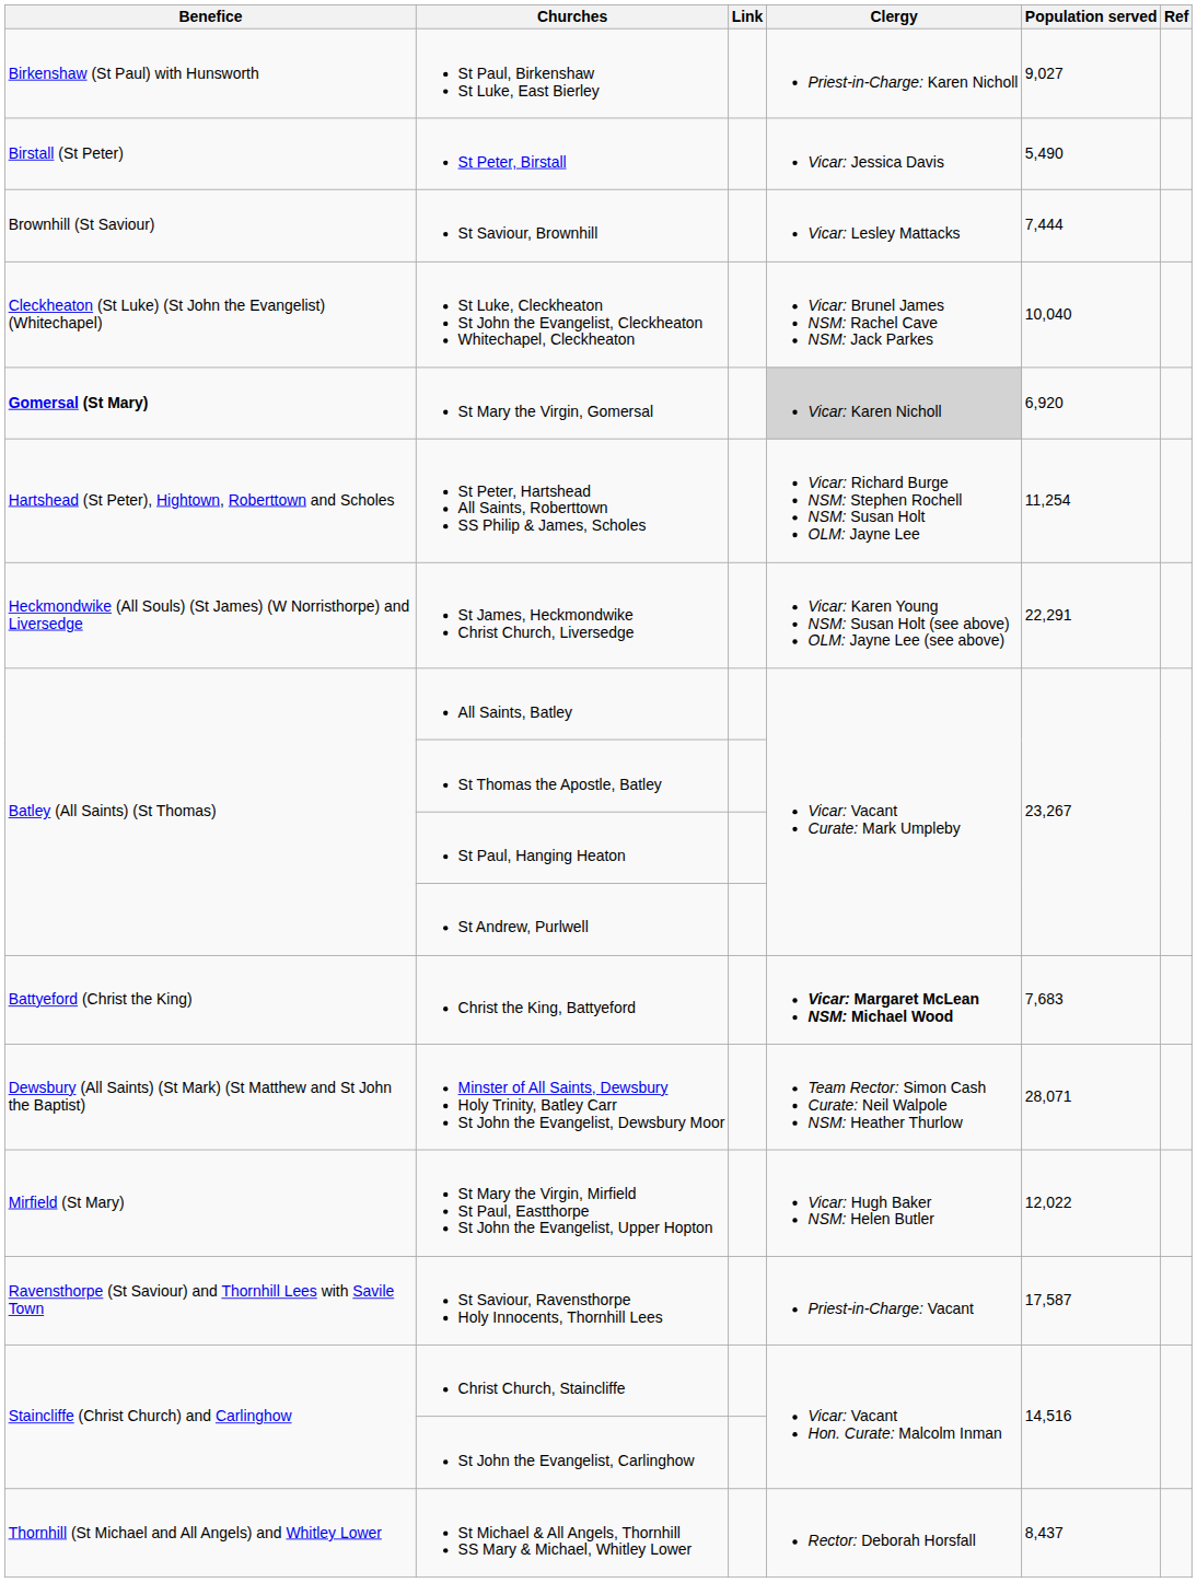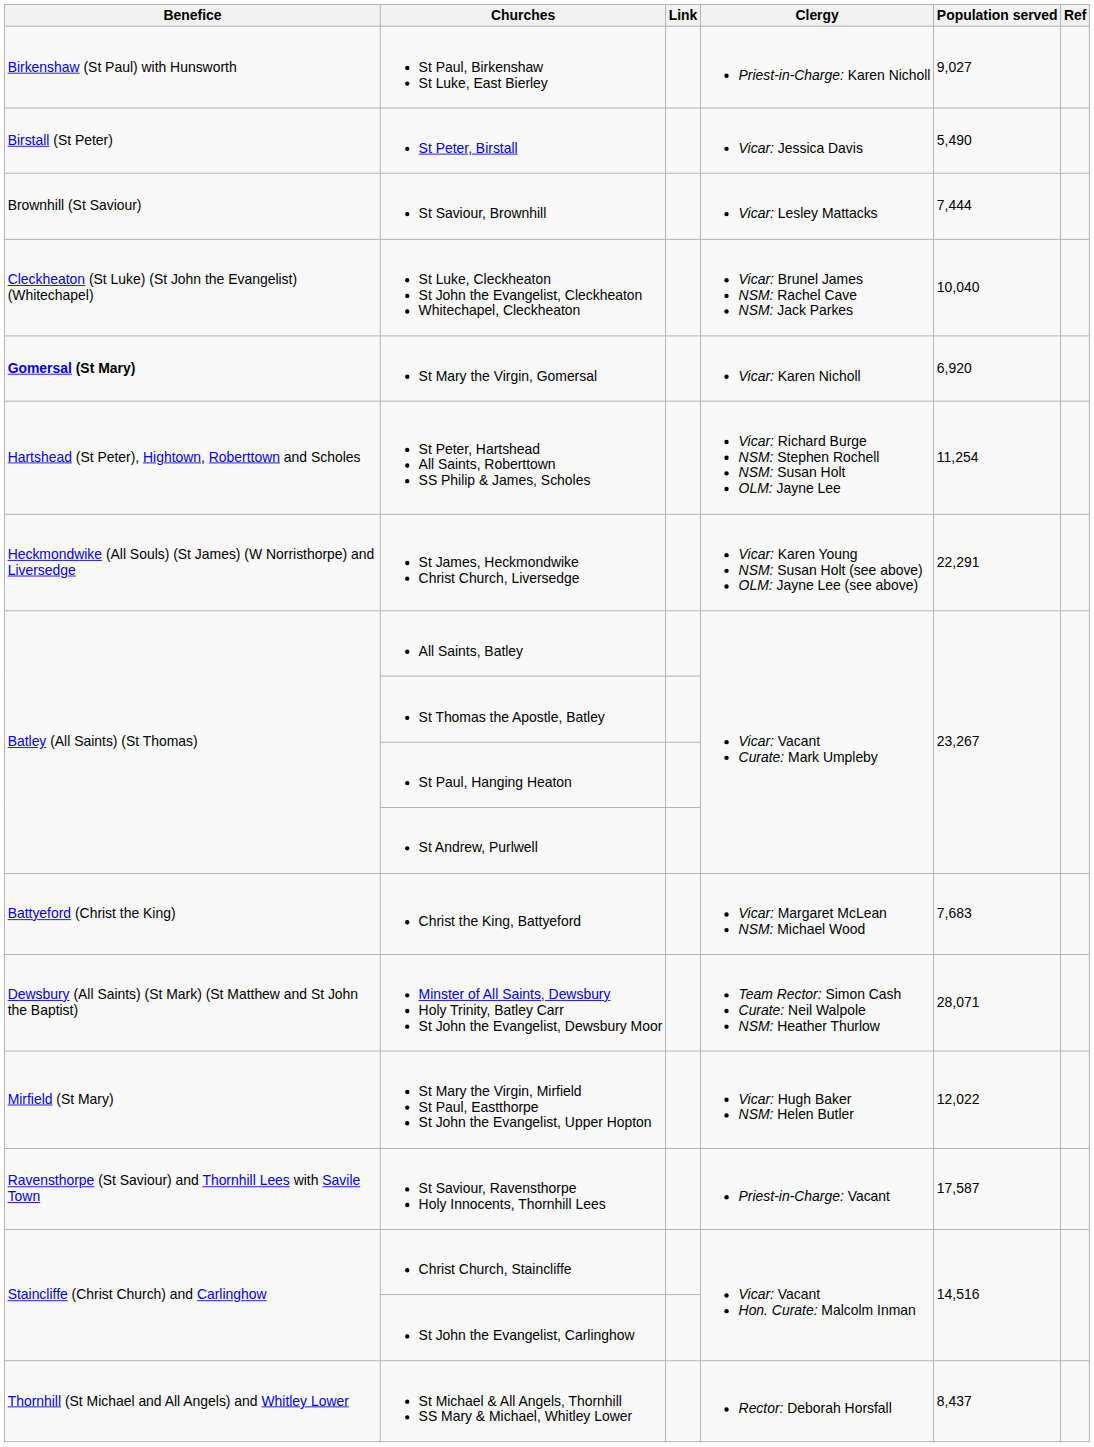 <table class="wikitable">
 <tr>
 <th style="width:425px;">Benefice</th>
 <th>Churches</th>
 <th>Link</th>
 <th>Clergy</th>
 <th>Population served</th>
 <th>Ref</th>
 </tr>
 <tr>
 <td><a href='#'>Birkenshaw</a> (St Paul) with Hunsworth</td>
 <td><br><ul><li>St Paul, Birkenshaw</li><li>St Luke, East Bierley</li></ul></td>
 <td></td>
 <td><br><ul><li><em>Priest-in-Charge:</em> Karen Nicholl</li></ul></td>
 <td>9,027</td>
 <td></td>
 </tr>
 <tr>
 <td><a href='#'>Birstall</a> (St Peter)</td>
 <td><br><ul><li><a href='#'>St Peter, Birstall</a></li></ul></td>
 <td></td>
 <td><br><ul><li><em>Vicar:</em> Jessica Davis</li></ul></td>
 <td>5,490</td>
 <td></td>
 </tr>
 <tr>
 <td>Brownhill (St Saviour)</td>
 <td><br><ul><li>St Saviour, Brownhill</li></ul></td>
 <td></td>
 <td><br><ul><li><em>Vicar:</em> Lesley Mattacks</li></ul></td>
 <td>7,444</td>
 <td></td>
 </tr>
 <tr>
 <td><a href='#'>Cleckheaton</a> (St Luke) (St John the Evangelist) (Whitechapel)</td>
 <td><br><ul><li>St Luke, Cleckheaton</li><li>St John the Evangelist, Cleckheaton</li><li>Whitechapel, Cleckheaton</li></ul></td>
 <td></td>
 <td><br><ul><li><em>Vicar:</em> Brunel James</li><li><em>NSM:</em> Rachel Cave</li><li><em>NSM:</em> Jack Parkes</li></ul></td>
 <td>10,040</td>
 <td></td>
 </tr>
 <tr>
 <td><strong><a href='#'>Gomersal</a> (St Mary)</strong></td>
 <td><br><ul><li>St Mary the Virgin, Gomersal</li></ul></td>
 <td></td>
-<td style="background: lightgrey;"><br><ul><li><em>Vicar:</em> Karen Nicholl</li></ul></td>
+<td><br><ul><li><em>Vicar:</em> Karen Nicholl</li></ul></td>
 <td>6,920</td>
 <td></td>
 </tr>
 <tr>
 <td><a href='#'>Hartshead</a> (St Peter), <a href='#'>Hightown</a>, <a href='#'>Roberttown</a> and Scholes</td>
 <td><br><ul><li>St Peter, Hartshead</li><li>All Saints, Roberttown</li><li>SS Philip & James, Scholes</li></ul></td>
 <td></td>
 <td><br><ul><li><em>Vicar:</em> Richard Burge</li><li><em>NSM:</em> Stephen Rochell</li><li><em>NSM:</em> Susan Holt</li><li><em>OLM:</em> Jayne Lee</li></ul></td>
 <td>11,254</td>
 <td></td>
 </tr>
 <tr>
 <td><a href='#'>Heckmondwike</a> (All Souls) (St James) (W Norristhorpe) and <a href='#'>Liversedge</a></td>
 <td><br><ul><li>St James, Heckmondwike</li><li>Christ Church, Liversedge</li></ul></td>
 <td></td>
 <td><br><ul><li><em>Vicar:</em> Karen Young</li><li><em>NSM:</em> Susan Holt (see above)</li><li><em>OLM:</em> Jayne Lee (see above)</li></ul></td>
 <td>22,291</td>
 <td></td>
 </tr>
 <tr>
 <td rowspan="4"><a href='#'>Batley</a> (All Saints) (St Thomas)</td>
 <td><br><ul><li>All Saints, Batley</li></ul></td>
 <td></td>
 <td rowspan="4"><br><ul><li><em>Vicar:</em> Vacant</li><li><em>Curate:</em> Mark Umpleby</li></ul></td>
 <td rowspan="4">23,267</td>
 <td rowspan="4"></td>
 </tr>
 <tr>
 <td><br><ul><li>St Thomas the Apostle, Batley</li></ul></td>
 <td></td>
 </tr>
 <tr>
 <td><br><ul><li>St Paul, Hanging Heaton</li></ul></td>
 <td></td>
 </tr>
 <tr>
 <td><br><ul><li>St Andrew, Purlwell</li></ul></td>
 <td></td>
 </tr>
 <tr>
 <td><a href='#'>Battyeford</a> (Christ the King)</td>
 <td><br><ul><li>Christ the King, Battyeford</li></ul></td>
 <td></td>
-<td><strong><br><ul><li><em>Vicar:</em> Margaret McLean</li><li><em>NSM:</em> Michael Wood</li></ul></strong></td>
+<td><br><ul><li><em>Vicar:</em> Margaret McLean</li><li><em>NSM:</em> Michael Wood</li></ul></td>
 <td>7,683</td>
 <td></td>
 </tr>
 <tr>
 <td><a href='#'>Dewsbury</a> (All Saints) (St Mark) (St Matthew and St John the Baptist)</td>
 <td><br><ul><li><a href='#'>Minster of All Saints, Dewsbury</a></li><li>Holy Trinity, Batley Carr</li><li>St John the Evangelist, Dewsbury Moor</li></ul></td>
 <td></td>
 <td><br><ul><li><em>Team Rector:</em> Simon Cash</li><li><em>Curate:</em> Neil Walpole</li><li><em>NSM:</em> Heather Thurlow</li></ul></td>
 <td>28,071</td>
 <td></td>
 </tr>
 <tr>
 <td><a href='#'>Mirfield</a> (St Mary)</td>
 <td><br><ul><li>St Mary the Virgin, Mirfield</li><li>St Paul, Eastthorpe</li><li>St John the Evangelist, Upper Hopton</li></ul></td>
 <td></td>
 <td><br><ul><li><em>Vicar:</em> Hugh Baker</li><li><em>NSM:</em> Helen Butler</li></ul></td>
 <td>12,022</td>
 <td></td>
 </tr>
 <tr>
 <td><a href='#'>Ravensthorpe</a> (St Saviour) and <a href='#'>Thornhill Lees</a> with <a href='#'>Savile Town</a></td>
 <td><br><ul><li>St Saviour, Ravensthorpe</li><li>Holy Innocents, Thornhill Lees</li></ul></td>
 <td></td>
 <td><br><ul><li><em>Priest-in-Charge:</em> Vacant</li></ul></td>
 <td>17,587</td>
 <td></td>
 </tr>
 <tr>
 <td rowspan="2"><a href='#'>Staincliffe</a> (Christ Church) and <a href='#'>Carlinghow</a></td>
 <td><br><ul><li>Christ Church, Staincliffe</li></ul></td>
 <td></td>
 <td rowspan="2"><br><ul><li><em>Vicar:</em> Vacant</li><li><em>Hon. Curate:</em> Malcolm Inman</li></ul></td>
 <td rowspan="2">14,516</td>
 <td rowspan="2"></td>
 </tr>
 <tr>
 <td><br><ul><li>St John the Evangelist, Carlinghow</li></ul></td>
 <td></td>
 </tr>
 <tr>
 <td><a href='#'>Thornhill</a> (St Michael and All Angels) and <a href='#'>Whitley Lower</a></td>
 <td><br><ul><li>St Michael & All Angels, Thornhill</li><li>SS Mary & Michael, Whitley Lower</li></ul></td>
 <td></td>
 <td><br><ul><li><em>Rector:</em> Deborah Horsfall</li></ul></td>
 <td>8,437</td>
 <td></td>
 </tr>
 </table>
